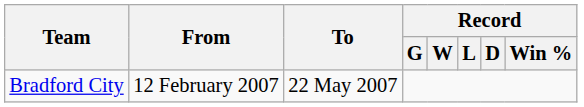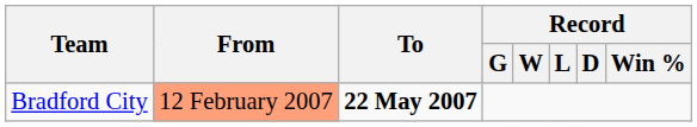 <table class="wikitable" style="text-align: center">
 <tr>
 <th rowspan="2">Team</th>
 <th rowspan="2">From</th>
 <th rowspan="2">To</th>
 <th colspan="5">Record</th>
 </tr>
 <tr>
 <th>G</th>
 <th>W</th>
 <th>L</th>
 <th>D</th>
 <th>Win %</th>
 </tr>
 <tr>
 <td align=left><a href='#'>Bradford City</a></td>
-<td align=left>12 February 2007</td>
-<td align=left>22 May 2007<br></td>
+<td align=left style="background: lightsalmon;">12 February 2007</td>
+<td align=left><strong>22 May 2007<br></strong></td>
 </tr>
 </table>
